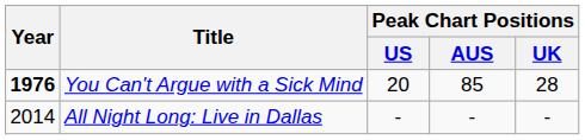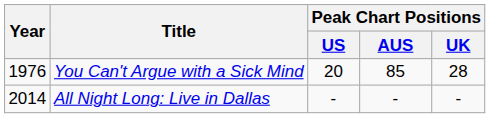 <table class="wikitable">
 <tr>
 <th rowspan="2">Year</th>
 <th rowspan="2">Title</th>
 <th colspan="3">Peak Chart Positions</th>
 </tr>
 <tr>
 <th><a href='#'>US</a><br></th>
 <th><a href='#'>AUS</a></th>
 <th><a href='#'>UK</a></th>
 </tr>
 <tr>
-<td><strong>1976</strong></td>
+<td>1976</td>
 <td><em><a href='#'>You Can't Argue with a Sick Mind</a></em></td>
 <td style="text-align:center;">20</td>
 <td style="text-align:center;">85</td>
 <td style="text-align:center;">28</td>
 </tr>
 <tr>
 <td>2014</td>
 <td><em><a href='#'>All Night Long: Live in Dallas</a></em></td>
 <td style="text-align:center;">-</td>
 <td style="text-align:center;">-</td>
 <td style="text-align:center;">-</td>
 </tr>
 </table>
